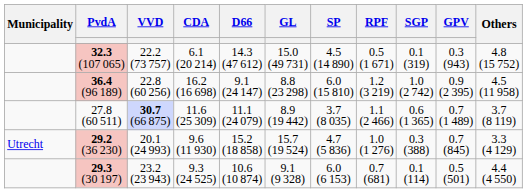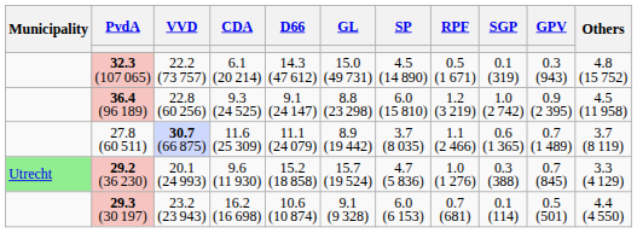 <table class="wikitable sortable" style="text-align:center;font-size:90%;line-height:14px">
 <tr style="height:40px;">
 <th rowspan="2">Municipality</th>
 <th style="width:40px;"><a href='#'>PvdA</a></th>
 <th style="width:40px;"><a href='#'>VVD</a></th>
 <th style="width:40px;"><a href='#'>CDA</a></th>
 <th style="width:40px;"><a href='#'>D66</a></th>
 <th style="width:40px;"><a href='#'>GL</a></th>
 <th style="width:40px;"><a href='#'>SP</a></th>
 <th style="width:40px;"><a href='#'>RPF</a></th>
 <th style="width:40px;"><a href='#'>SGP</a></th>
 <th style="width:40px;"><a href='#'>GPV</a></th>
 <th style="width:40px;" rowspan="2">Others</th>
 </tr>
 <tr>
 <th style="background:"></th>
 <th style="background:"></th>
 <th style="background:"></th>
 <th style="background:"></th>
 <th style="background:"></th>
 <th style="background:"></th>
 <th style="background:"></th>
 <th style="background:"></th>
 <th style="background:"></th>
 </tr>
 <tr>
 <td align="left"></td>
 <td style="background:#F6C5C1"><strong>32.3</strong><br><span>(107 065)</span></td>
 <td>22.2<br><span>(73 757)</span></td>
 <td>6.1<br><span>(20 214)</span></td>
 <td>14.3<br><span>(47 612)</span></td>
 <td>15.0<br><span>(49 731)</span></td>
 <td>4.5<br><span>(14 890)</span></td>
 <td>0.5<br><span>(1 671)</span></td>
 <td>0.1<br><span>(319)</span></td>
 <td>0.3<br><span>(943)</span></td>
 <td>4.8<br><span>(15 752)</span></td>
 </tr>
 <tr>
 <td align="left"></td>
 <td style="background:#F6C5C1"><strong>36.4</strong><br><span>(96 189)</span></td>
 <td>22.8<br><span>(60 256)</span></td>
-<td>16.2<br><span>(16 698)</span></td>
+<td>9.3<br><span>(24 525)</span></td>
 <td>9.1<br><span>(24 147)</span></td>
 <td>8.8<br><span>(23 298)</span></td>
 <td>6.0<br><span>(15 810)</span></td>
 <td>1.2<br><span>(3 219)</span></td>
 <td>1.0<br><span>(2 742)</span></td>
 <td>0.9<br><span>(2 395)</span></td>
 <td>4.5<br><span>(11 958)</span></td>
 </tr>
 <tr>
 <td align="left"></td>
 <td>27.8<br><span>(60 511)</span></td>
 <td style="background:#CED7FD"><strong>30.7</strong><br><span>(66 875)</span></td>
 <td>11.6<br><span>(25 309)</span></td>
 <td>11.1<br><span>(24 079)</span></td>
 <td>8.9<br><span>(19 442)</span></td>
 <td>3.7<br><span>(8 035)</span></td>
 <td>1.1<br><span>(2 466)</span></td>
 <td>0.6<br><span>(1 365)</span></td>
 <td>0.7<br><span>(1 489)</span></td>
 <td>3.7<br><span>(8 119)</span></td>
 </tr>
 <tr>
-<td align="left"> <a href='#'>Utrecht</a></td>
+<td align="left" style="background: lightgreen;"> <a href='#'>Utrecht</a></td>
 <td style="background:#F6C5C1"><strong>29.2</strong><br><span>(36 230)</span></td>
 <td>20.1<br><span>(24 993)</span></td>
 <td>9.6<br><span>(11 930)</span></td>
 <td>15.2<br><span>(18 858)</span></td>
 <td>15.7<br><span>(19 524)</span></td>
 <td>4.7<br><span>(5 836)</span></td>
 <td>1.0<br><span>(1 276)</span></td>
 <td>0.3<br><span>(388)</span></td>
 <td>0.7<br><span>(845)</span></td>
 <td>3.3<br><span>(4 129)</span></td>
 </tr>
 <tr>
 <td align="left"></td>
 <td style="background:#F6C5C1"><strong>29.3</strong><br><span>(30 197)</span></td>
 <td>23.2<br><span>(23 943)</span></td>
-<td>9.3<br><span>(24 525)</span></td>
+<td>16.2<br><span>(16 698)</span></td>
 <td>10.6<br><span>(10 874)</span></td>
 <td>9.1<br><span>(9 328)</span></td>
 <td>6.0<br><span>(6 153)</span></td>
 <td>0.7<br><span>(681)</span></td>
 <td>0.1<br><span>(114)</span></td>
 <td>0.5<br><span>(501)</span></td>
 <td>4.4<br><span>(4 550)</span></td>
 </tr>
 </table>
